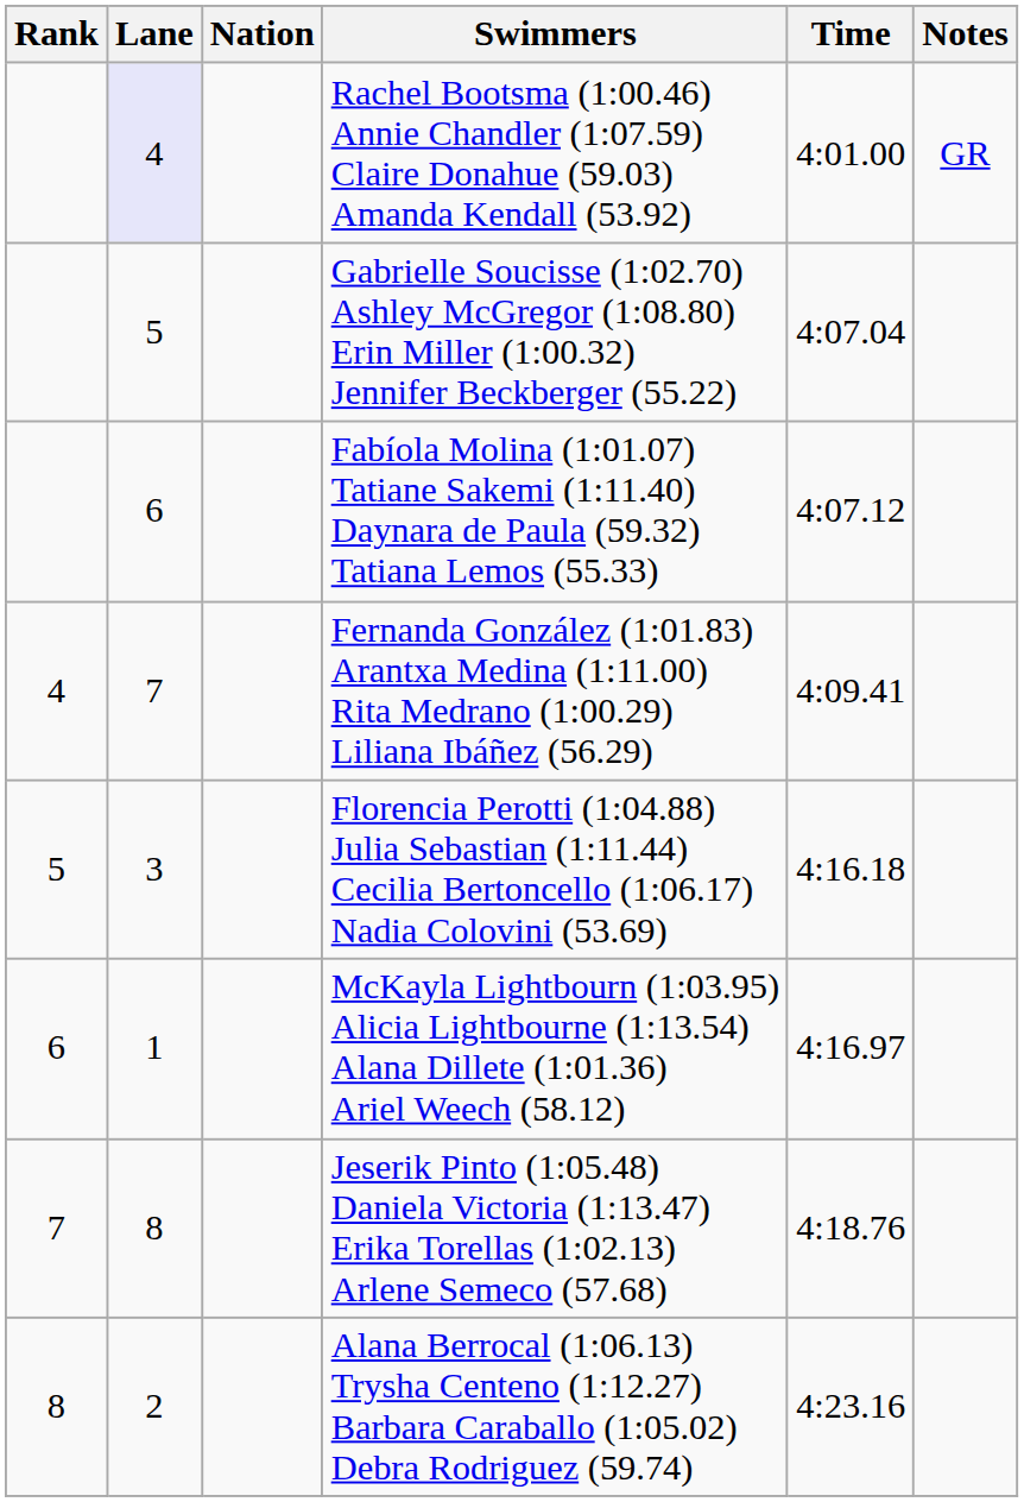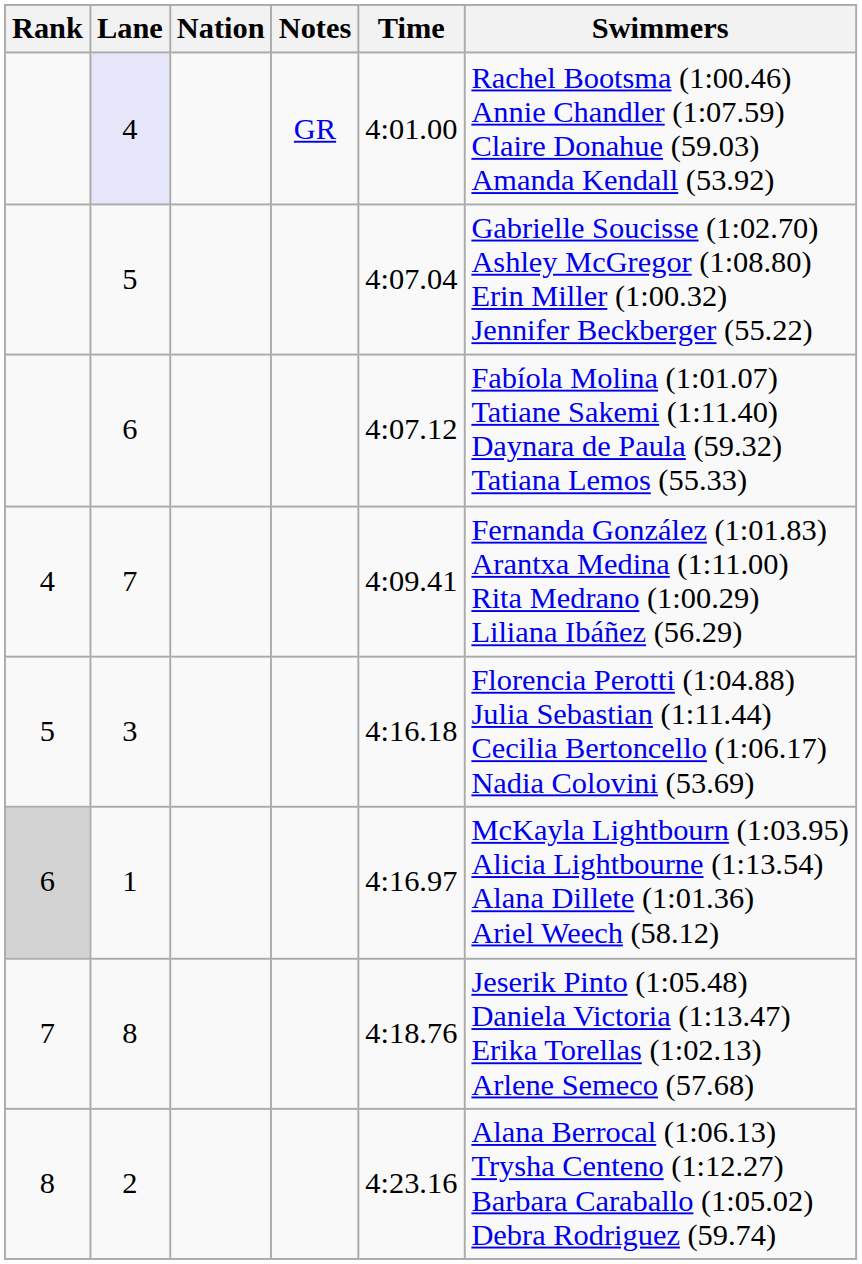 <table class="wikitable sortable" style="text-align:center">
 <tr>
 <th>Rank</th>
 <th>Lane</th>
 <th>Nation</th>
+<th>Notes</th>
+<th>Time</th>
 <th>Swimmers</th>
-<th>Time</th>
-<th>Notes</th>
 </tr>
 <tr>
 <td></td>
 <td style="background: lavender;">4</td>
 <td align=left></td>
+<td><a href='#'>GR</a></td>
+<td>4:01.00</td>
 <td align=left><a href='#'>Rachel Bootsma</a> (1:00.46)<br> <a href='#'>Annie Chandler</a> (1:07.59)<br> <a href='#'>Claire Donahue</a> (59.03)<br> <a href='#'>Amanda Kendall</a> (53.92)</td>
-<td>4:01.00</td>
-<td><a href='#'>GR</a></td>
 </tr>
 <tr>
 <td></td>
 <td>5</td>
 <td align=left></td>
+<td></td>
+<td>4:07.04</td>
 <td align=left><a href='#'>Gabrielle Soucisse</a> (1:02.70)<br> <a href='#'>Ashley McGregor</a> (1:08.80)<br> <a href='#'>Erin Miller</a> (1:00.32)<br> <a href='#'>Jennifer Beckberger</a> (55.22)</td>
-<td>4:07.04</td>
-<td></td>
 </tr>
 <tr>
 <td></td>
 <td>6</td>
 <td align=left></td>
+<td></td>
+<td>4:07.12</td>
 <td align=left><a href='#'>Fabíola Molina</a> (1:01.07)<br> <a href='#'>Tatiane Sakemi</a> (1:11.40)<br> <a href='#'>Daynara de Paula</a> (59.32)<br> <a href='#'>Tatiana Lemos</a> (55.33)</td>
-<td>4:07.12</td>
-<td></td>
 </tr>
 <tr>
 <td>4</td>
 <td>7</td>
 <td align=left></td>
+<td></td>
+<td>4:09.41</td>
 <td align=left><a href='#'>Fernanda González</a> (1:01.83)<br> <a href='#'>Arantxa Medina</a> (1:11.00)<br> <a href='#'>Rita Medrano</a> (1:00.29)<br> <a href='#'>Liliana Ibáñez</a> (56.29)</td>
-<td>4:09.41</td>
-<td></td>
 </tr>
 <tr>
 <td>5</td>
 <td>3</td>
 <td align=left></td>
+<td></td>
+<td>4:16.18</td>
 <td align=left><a href='#'>Florencia Perotti</a> (1:04.88)<br> <a href='#'>Julia Sebastian</a> (1:11.44)<br> <a href='#'>Cecilia Bertoncello</a> (1:06.17)<br> <a href='#'>Nadia Colovini</a> (53.69)</td>
-<td>4:16.18</td>
-<td></td>
 </tr>
 <tr>
-<td>6</td>
+<td style="background: lightgrey;">6</td>
 <td>1</td>
 <td align=left></td>
+<td></td>
+<td>4:16.97</td>
 <td align=left><a href='#'>McKayla Lightbourn</a> (1:03.95)<br> <a href='#'>Alicia Lightbourne</a> (1:13.54)<br> <a href='#'>Alana Dillete</a> (1:01.36)<br> <a href='#'>Ariel Weech</a> (58.12)</td>
-<td>4:16.97</td>
-<td></td>
 </tr>
 <tr>
 <td>7</td>
 <td>8</td>
 <td align=left></td>
+<td></td>
+<td>4:18.76</td>
 <td align=left><a href='#'>Jeserik Pinto</a> (1:05.48)<br> <a href='#'>Daniela Victoria</a> (1:13.47)<br> <a href='#'>Erika Torellas</a> (1:02.13)<br> <a href='#'>Arlene Semeco</a> (57.68)</td>
-<td>4:18.76</td>
-<td></td>
 </tr>
 <tr>
 <td>8</td>
 <td>2</td>
 <td align=left></td>
+<td></td>
+<td>4:23.16</td>
 <td align=left><a href='#'>Alana Berrocal</a> (1:06.13)<br> <a href='#'>Trysha Centeno</a> (1:12.27)<br> <a href='#'>Barbara Caraballo</a> (1:05.02)<br> <a href='#'>Debra Rodriguez</a> (59.74)</td>
-<td>4:23.16</td>
-<td></td>
 </tr>
 </table>
